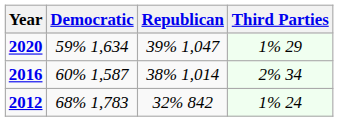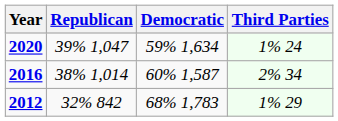 <table class="wikitable" style="float:right; font-size:95%;">
 <tr bgcolor=lightgrey>
 <th>Year</th>
+<th><a href='#'>Republican</a></th>
 <th><a href='#'>Democratic</a></th>
-<th><a href='#'>Republican</a></th>
 <th><a href='#'>Third Parties</a></th>
 </tr>
 <tr>
 <td style="text-align:center; "><strong><a href='#'>2020</a></strong></td>
+<td style="text-align:center; "><em>39%</em> <em>1,047</em></td>
 <td style="text-align:center; "><em>59%</em> <em>1,634</em></td>
-<td style="text-align:center; "><em>39%</em> <em>1,047</em></td>
-<td style="text-align:center; background:honeyDew;"><em>1%</em> <em>29</em></td>
+<td style="text-align:center; background:honeyDew;"><em>1%</em> <em>24</em></td>
 </tr>
 <tr>
 <td style="text-align:center; "><strong><a href='#'>2016</a></strong></td>
+<td style="text-align:center; "><em>38%</em> <em>1,014</em></td>
 <td style="text-align:center; "><em>60%</em> <em>1,587</em></td>
-<td style="text-align:center; "><em>38%</em> <em>1,014</em></td>
 <td style="text-align:center; background:honeyDew;"><em>2%</em> <em>34</em></td>
 </tr>
 <tr>
 <td style="text-align:center; "><strong><a href='#'>2012</a></strong></td>
+<td style="text-align:center; "><em>32%</em> <em>842</em></td>
 <td style="text-align:center; "><em>68%</em> <em>1,783</em></td>
-<td style="text-align:center; "><em>32%</em> <em>842</em></td>
-<td style="text-align:center; background:honeyDew;"><em>1%</em> <em>24</em></td>
+<td style="text-align:center; background:honeyDew;"><em>1%</em> <em>29</em></td>
 </tr>
 </table>
